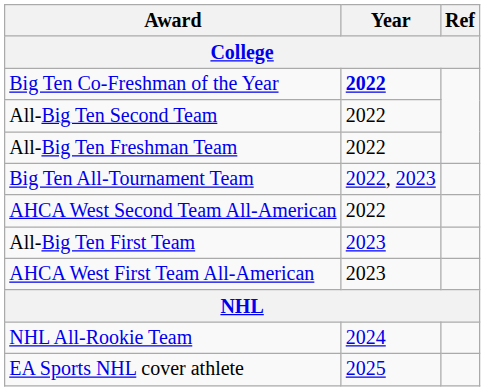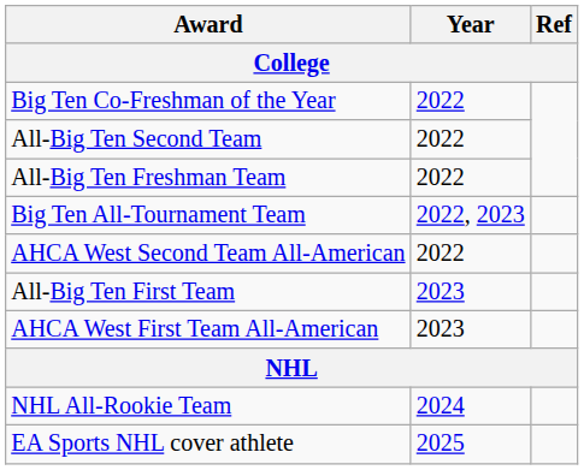 <table class="wikitable">
 <tr>
 <th>Award</th>
 <th>Year</th>
 <th>Ref</th>
 </tr>
 <tr>
 <th colspan="3"><a href='#'>College</a></th>
 </tr>
 <tr>
 <td><a href='#'>Big Ten Co-Freshman of the Year</a></td>
-<td><strong><a href='#'>2022</a></strong></td>
+<td><a href='#'>2022</a></td>
 <td rowspan="3"></td>
 </tr>
 <tr>
 <td>All-<a href='#'>Big Ten Second Team</a></td>
 <td>2022</td>
 </tr>
 <tr>
 <td>All-<a href='#'>Big Ten Freshman Team</a></td>
 <td>2022</td>
 </tr>
 <tr>
 <td><a href='#'>Big Ten All-Tournament Team</a></td>
 <td><a href='#'>2022</a>, <a href='#'>2023</a></td>
 <td></td>
 </tr>
 <tr>
 <td><a href='#'>AHCA West Second Team All-American</a></td>
 <td>2022</td>
 <td></td>
 </tr>
 <tr>
 <td>All-<a href='#'>Big Ten First Team</a></td>
 <td><a href='#'>2023</a></td>
 <td></td>
 </tr>
 <tr>
 <td><a href='#'>AHCA West First Team All-American</a></td>
 <td>2023</td>
 <td></td>
 </tr>
 <tr>
 <th colspan="3"><a href='#'>NHL</a></th>
 </tr>
 <tr>
 <td><a href='#'>NHL All-Rookie Team</a></td>
 <td><a href='#'>2024</a></td>
 <td></td>
 </tr>
 <tr>
 <td><a href='#'>EA Sports NHL</a> cover athlete</td>
 <td><a href='#'>2025</a></td>
 <td></td>
 </tr>
 </table>
